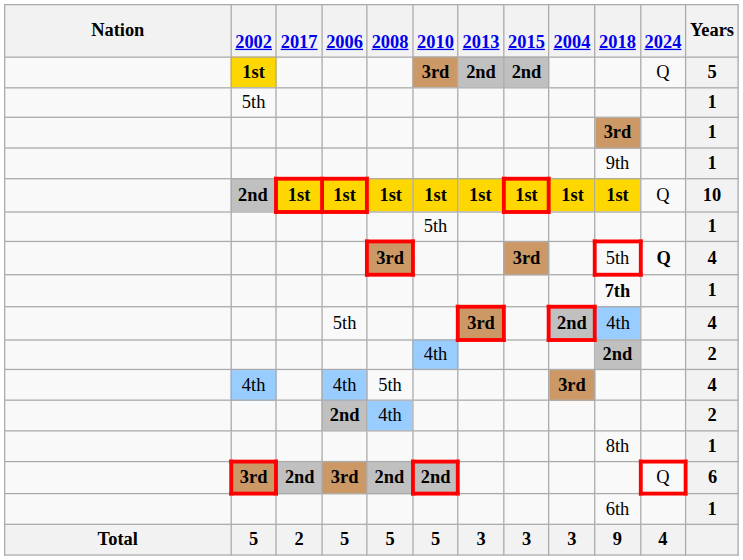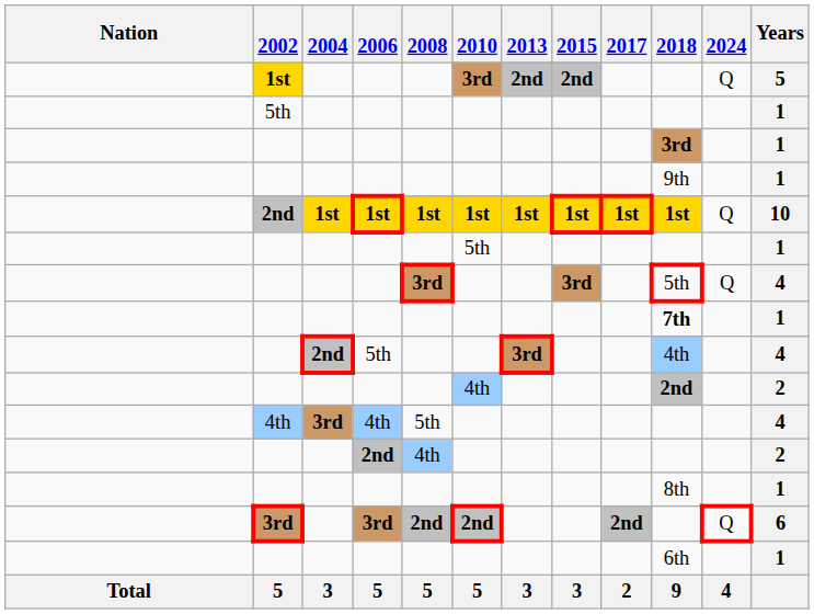 <table class="wikitable" style="text-align:center; font-size:90%">
 <tr>
 <th width=170>Nation</th>
 <th><br><a href='#'>2002</a></th>
-<th><br><a href='#'>2017</a></th>
+<th><br><a href='#'>2004</a></th>
 <th><br><a href='#'>2006</a></th>
 <th><br><a href='#'>2008</a></th>
 <th><br><a href='#'>2010</a></th>
 <th><br><a href='#'>2013</a></th>
 <th><br><a href='#'>2015</a></th>
-<th><br><a href='#'>2004</a></th>
+<th><br><a href='#'>2017</a></th>
 <th><br><a href='#'>2018</a></th>
 <th><br><a href='#'>2024</a></th>
 <th>Years</th>
 </tr>
 <tr>
 <td align=left></td>
 <td bgcolor=gold><strong>1st</strong></td>
 <td></td>
 <td></td>
 <td></td>
 <td bgcolor=#cc9966><strong>3rd</strong></td>
 <td bgcolor=silver><strong>2nd</strong></td>
 <td bgcolor=silver><strong>2nd</strong></td>
 <td></td>
 <td></td>
 <td>Q</td>
 <th>5</th>
 </tr>
 <tr>
 <td align=left></td>
 <td>5th</td>
 <td></td>
 <td></td>
 <td></td>
 <td></td>
 <td></td>
 <td></td>
 <td></td>
 <td></td>
 <td></td>
 <th>1</th>
 </tr>
 <tr>
 <td align=left></td>
 <td></td>
 <td></td>
 <td></td>
 <td></td>
 <td></td>
 <td></td>
 <td></td>
 <td></td>
 <td bgcolor=#cc9966><strong>3rd</strong></td>
 <td></td>
 <th>1</th>
 </tr>
 <tr>
 <td align=left></td>
 <td></td>
 <td></td>
 <td></td>
 <td></td>
 <td></td>
 <td></td>
 <td></td>
 <td></td>
 <td>9th</td>
 <td></td>
 <th>1</th>
 </tr>
 <tr>
 <td align=left></td>
 <td bgcolor=silver><strong>2nd</strong></td>
-<td style="border: 3px solid red" bgcolor=gold><strong>1st</strong></td>
+<td bgcolor=gold><strong>1st</strong></td>
 <td style="border: 3px solid red" bgcolor=gold><strong>1st</strong></td>
 <td bgcolor=gold><strong>1st</strong></td>
 <td bgcolor=gold><strong>1st</strong></td>
 <td bgcolor=gold><strong>1st</strong></td>
 <td style="border: 3px solid red" bgcolor=gold><strong>1st</strong></td>
-<td bgcolor=gold><strong>1st</strong></td>
+<td style="border: 3px solid red" bgcolor=gold><strong>1st</strong></td>
 <td bgcolor=gold><strong>1st</strong></td>
 <td>Q</td>
 <th>10</th>
 </tr>
 <tr>
 <td align=left></td>
 <td></td>
 <td></td>
 <td></td>
 <td></td>
 <td>5th</td>
 <td></td>
 <td></td>
 <td></td>
 <td></td>
 <td></td>
 <th>1</th>
 </tr>
 <tr>
 <td align=left></td>
 <td></td>
 <td></td>
 <td></td>
 <td style="border: 3px solid red" bgcolor=#cc9966><strong>3rd</strong></td>
 <td></td>
 <td></td>
 <td bgcolor=#cc9966><strong>3rd</strong></td>
 <td></td>
 <td style="border: 3px solid red">5th</td>
-<td><strong>Q</strong></td>
+<td>Q</td>
 <th>4</th>
 </tr>
 <tr>
 <td align=left></td>
 <td></td>
 <td></td>
 <td></td>
 <td></td>
 <td></td>
 <td></td>
 <td></td>
 <td></td>
 <td><strong>7th</strong></td>
 <td></td>
 <th>1</th>
 </tr>
 <tr>
 <td align=left></td>
 <td></td>
-<td></td>
+<td style="border: 3px solid red" bgcolor=silver><strong>2nd</strong></td>
 <td>5th</td>
 <td></td>
 <td></td>
 <td style="border: 3px solid red" bgcolor=#cc9966><strong>3rd</strong></td>
 <td></td>
-<td style="border: 3px solid red" bgcolor=silver><strong>2nd</strong></td>
+<td></td>
 <td bgcolor=#9acdff>4th</td>
 <td></td>
 <th>4</th>
 </tr>
 <tr>
 <td align=left></td>
 <td></td>
 <td></td>
 <td></td>
 <td></td>
 <td bgcolor=#9acdff>4th</td>
 <td></td>
 <td></td>
 <td></td>
 <td bgcolor=silver><strong>2nd</strong></td>
 <td></td>
 <th>2</th>
 </tr>
 <tr>
 <td align=left></td>
 <td bgcolor=#9acdff>4th</td>
-<td></td>
+<td bgcolor=#cc9966><strong>3rd</strong></td>
 <td bgcolor=#9acdff>4th</td>
 <td>5th</td>
 <td></td>
 <td></td>
 <td></td>
-<td bgcolor=#cc9966><strong>3rd</strong></td>
+<td></td>
 <td></td>
 <td></td>
 <th>4</th>
 </tr>
 <tr>
 <td align=left></td>
 <td></td>
 <td></td>
 <td bgcolor=silver><strong>2nd</strong></td>
 <td bgcolor=#9acdff>4th</td>
 <td></td>
 <td></td>
 <td></td>
 <td></td>
 <td></td>
 <td></td>
 <th>2</th>
 </tr>
 <tr>
 <td align=left></td>
 <td></td>
 <td></td>
 <td></td>
 <td></td>
 <td></td>
 <td></td>
 <td></td>
 <td></td>
 <td>8th</td>
 <td></td>
 <th>1</th>
 </tr>
 <tr>
 <td align=left></td>
 <td style="border: 3px solid red" bgcolor=#cc9966><strong>3rd</strong></td>
-<td bgcolor=silver><strong>2nd</strong></td>
+<td></td>
 <td bgcolor=#cc9966><strong>3rd</strong></td>
 <td bgcolor=silver><strong>2nd</strong></td>
 <td style="border: 3px solid red" bgcolor=silver><strong>2nd</strong></td>
 <td></td>
 <td></td>
-<td></td>
+<td bgcolor=silver><strong>2nd</strong></td>
 <td></td>
 <td style="border: 3px solid red">Q</td>
 <th>6</th>
 </tr>
 <tr>
 <td align=left></td>
 <td></td>
 <td></td>
 <td></td>
 <td></td>
 <td></td>
 <td></td>
 <td></td>
 <td></td>
 <td>6th</td>
 <td></td>
 <th>1</th>
 </tr>
 <tr>
 <th>Total</th>
 <th>5</th>
-<th>2</th>
+<th>3</th>
 <th>5</th>
 <th>5</th>
 <th>5</th>
 <th>3</th>
 <th>3</th>
-<th>3</th>
+<th>2</th>
 <th>9</th>
 <th>4</th>
 <th></th>
 </tr>
 </table>
